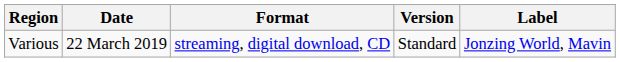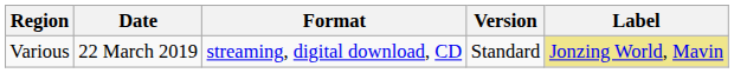 <table class="wikitable sortable">
 <tr>
 <th>Region</th>
 <th>Date</th>
 <th>Format</th>
 <th>Version</th>
 <th>Label</th>
 </tr>
 <tr>
 <td>Various</td>
 <td>22 March 2019</td>
 <td rowspan="2"><a href='#'>streaming</a>, <a href='#'>digital download</a>, <a href='#'>CD</a></td>
 <td>Standard</td>
-<td><a href='#'>Jonzing World</a>, <a href='#'>Mavin</a></td>
+<td style="background: khaki;"><a href='#'>Jonzing World</a>, <a href='#'>Mavin</a></td>
 </tr>
 </table>
